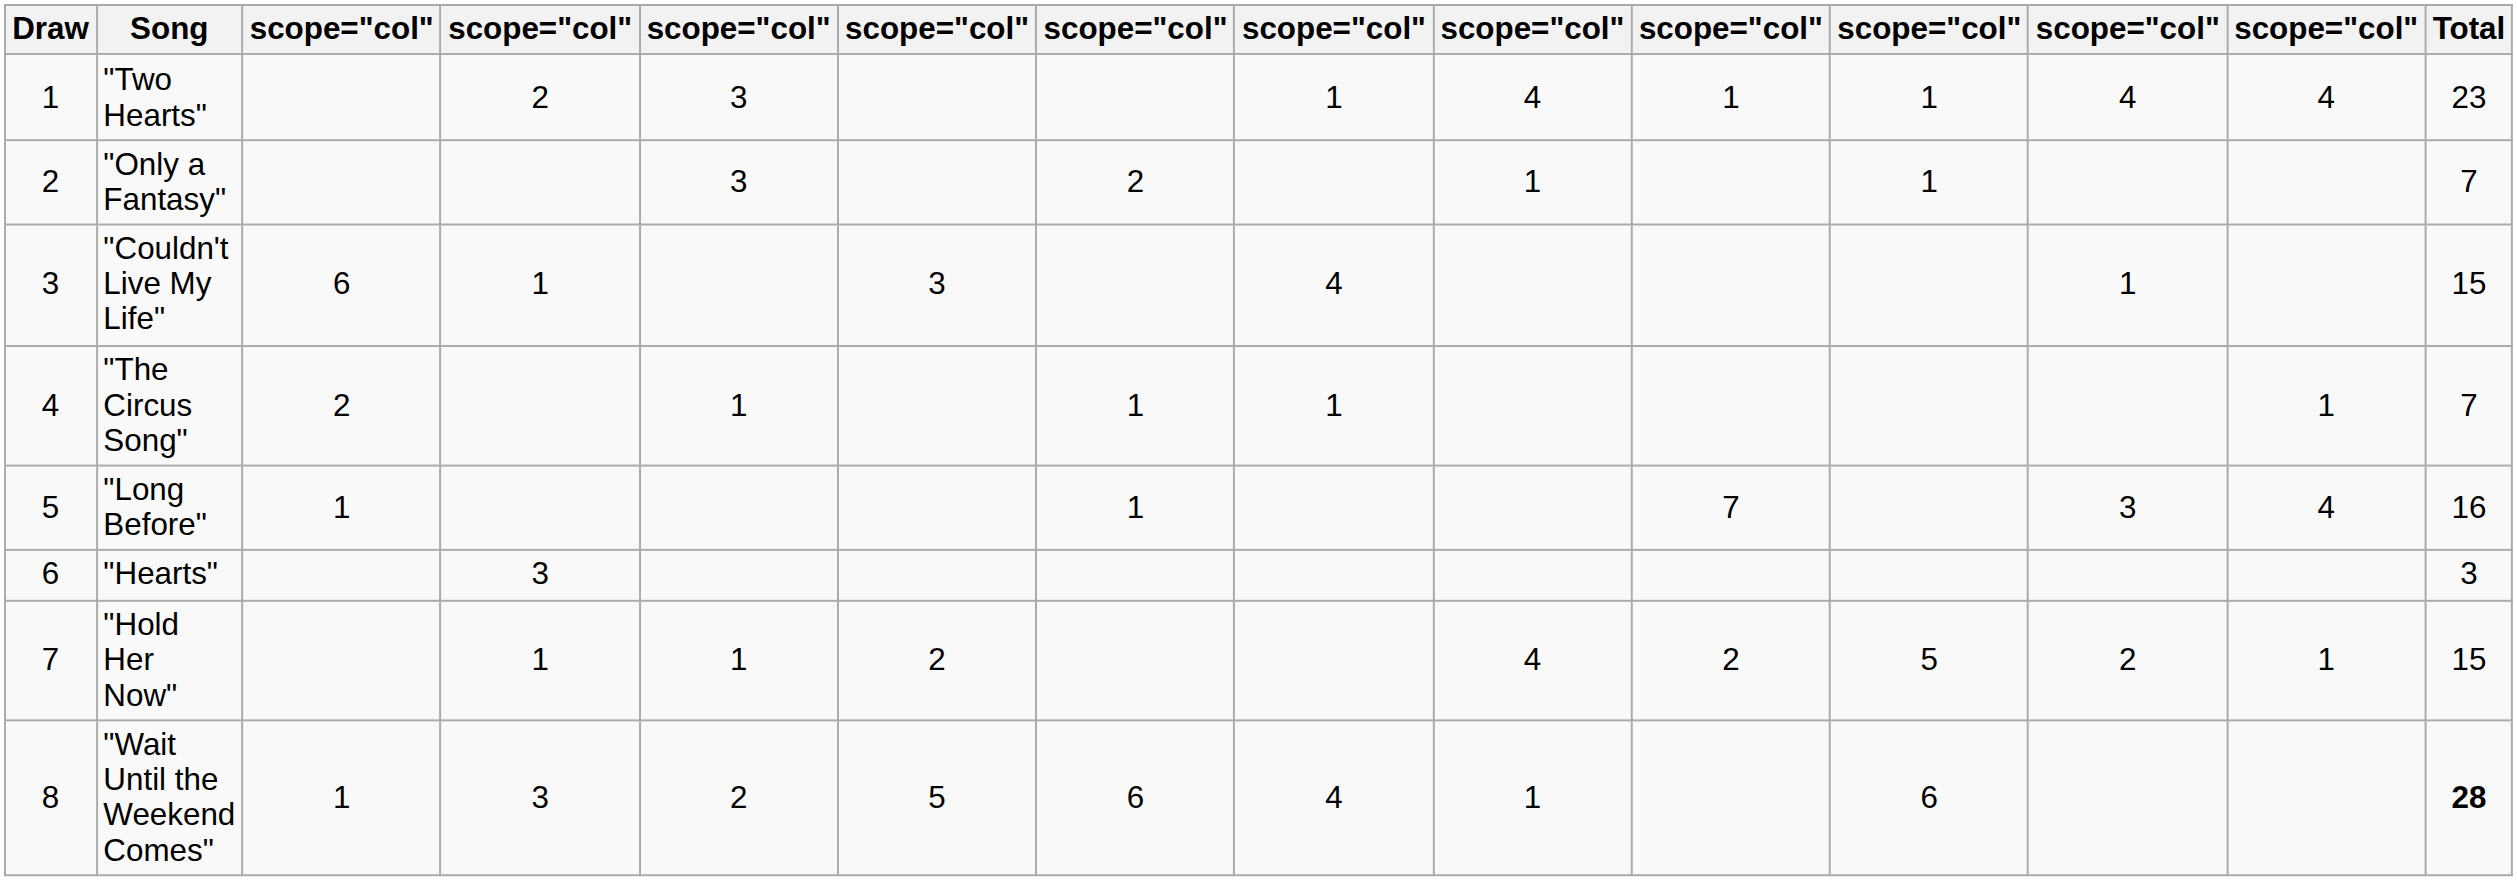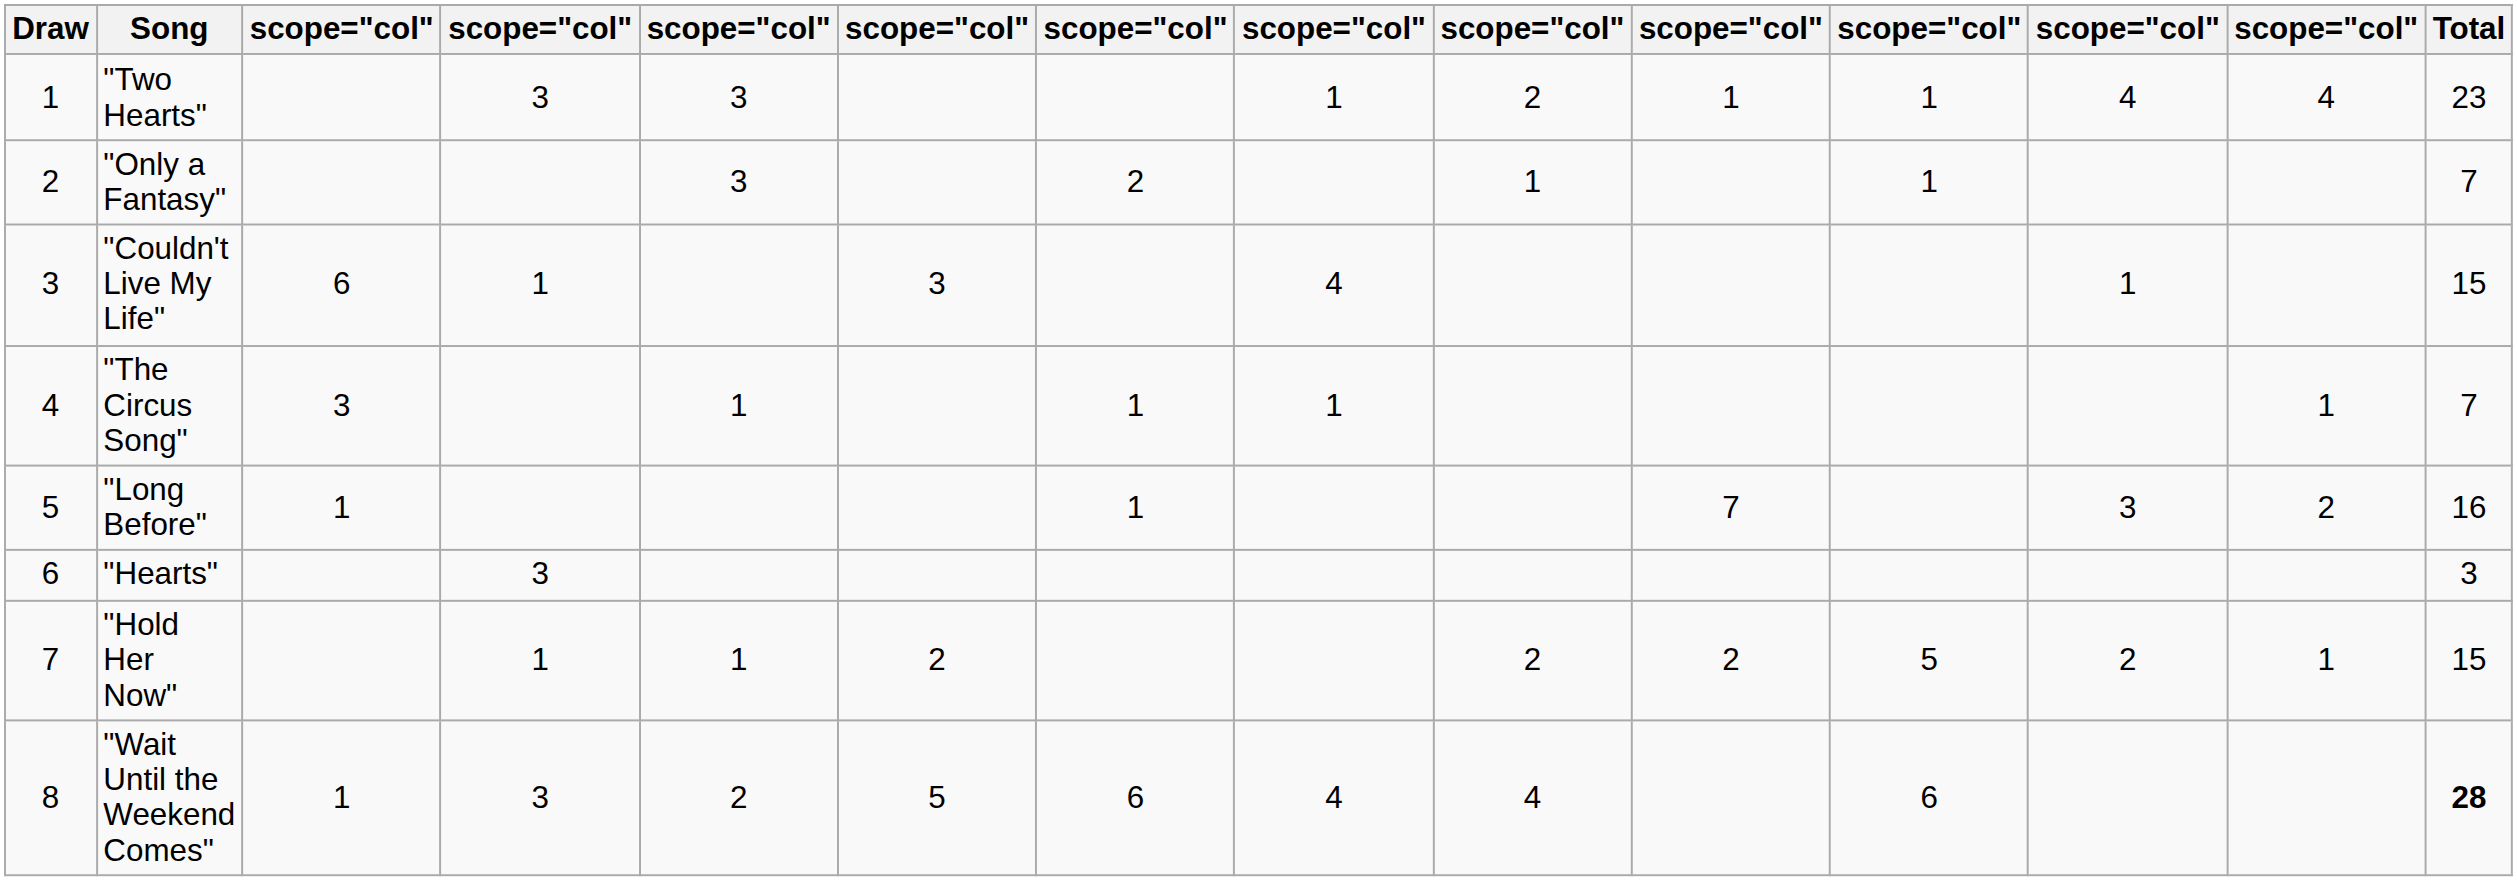 <table class="wikitable plainrowheaders" style="margin: 1em auto 1em auto; text-align:center;">
 <tr>
 </tr>
 <tr>
 <th scope="col">Draw</th>
 <th scope="col">Song</th>
 <th>scope="col" </th>
 <th>scope="col" </th>
 <th>scope="col" </th>
 <th>scope="col" </th>
 <th>scope="col" </th>
 <th>scope="col" </th>
 <th>scope="col" </th>
 <th>scope="col" </th>
 <th>scope="col" </th>
 <th>scope="col" </th>
 <th>scope="col" </th>
 <th scope="col">Total</th>
 </tr>
 <tr --->
 <td>1</td>
 <td align="left">"Two Hearts"</td>
 <td></td>
-<td>2</td>
+<td>3</td>
 <td>3</td>
 <td></td>
 <td></td>
 <td>1</td>
-<td>4</td>
+<td>2</td>
 <td>1</td>
 <td>1</td>
 <td>4</td>
 <td>4</td>
 <td>23</td>
 </tr>
 <tr --->
 <td>2</td>
 <td align="left">"Only a Fantasy"</td>
 <td></td>
 <td></td>
 <td>3</td>
 <td></td>
 <td>2</td>
 <td></td>
 <td>1</td>
 <td></td>
 <td>1</td>
 <td></td>
 <td></td>
 <td>7</td>
 </tr>
 <tr --->
 <td>3</td>
 <td align="left">"Couldn't Live My Life"</td>
 <td>6</td>
 <td>1</td>
 <td></td>
 <td>3</td>
 <td></td>
 <td>4</td>
 <td></td>
 <td></td>
 <td></td>
 <td>1</td>
 <td></td>
 <td>15</td>
 </tr>
 <tr --->
 <td>4</td>
 <td align="left">"The Circus Song"</td>
-<td>2</td>
+<td>3</td>
 <td></td>
 <td>1</td>
 <td></td>
 <td>1</td>
 <td>1</td>
 <td></td>
 <td></td>
 <td></td>
 <td></td>
 <td>1</td>
 <td>7</td>
 </tr>
 <tr --->
 <td>5</td>
 <td align="left">"Long Before"</td>
 <td>1</td>
 <td></td>
 <td></td>
 <td></td>
 <td>1</td>
 <td></td>
 <td></td>
 <td>7</td>
 <td></td>
 <td>3</td>
-<td>4</td>
+<td>2</td>
 <td>16</td>
 </tr>
 <tr --->
 <td>6</td>
 <td align="left">"Hearts"</td>
 <td></td>
 <td>3</td>
 <td></td>
 <td></td>
 <td></td>
 <td></td>
 <td></td>
 <td></td>
 <td></td>
 <td></td>
 <td></td>
 <td>3</td>
 </tr>
 <tr --->
 <td>7</td>
 <td align="left">"Hold Her Now"</td>
 <td></td>
 <td>1</td>
 <td>1</td>
 <td>2</td>
 <td></td>
 <td></td>
-<td>4</td>
+<td>2</td>
 <td>2</td>
 <td>5</td>
 <td>2</td>
 <td>1</td>
 <td>15</td>
 </tr>
 <tr --->
 <td>8</td>
 <td align="left">"Wait Until the Weekend Comes"</td>
 <td>1</td>
 <td>3</td>
 <td>2</td>
 <td>5</td>
 <td>6</td>
 <td>4</td>
-<td>1</td>
+<td>4</td>
 <td></td>
 <td>6</td>
 <td></td>
 <td></td>
 <td><strong>28</strong></td>
 </tr>
 </table>
